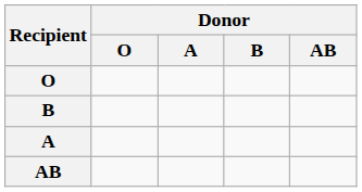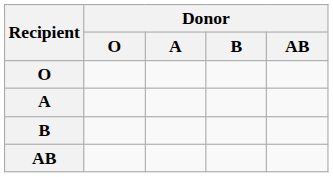 <table class="wikitable" style="text-align:center;">
 <tr>
 <th rowspan=2>Recipient</th>
 <th colspan="4">Donor</th>
 </tr>
 <tr>
 <th style="width:3em">O</th>
 <th style="width:3em">A</th>
 <th style="width:3em">B</th>
 <th style="width:3em">AB</th>
 </tr>
 <tr>
 <th>O</th>
 <td></td>
 <td></td>
 <td></td>
 <td></td>
 </tr>
 <tr>
-<th>B</th>
+<th>A</th>
 <td></td>
 <td></td>
 <td></td>
 <td></td>
 </tr>
 <tr>
-<th>A</th>
+<th>B</th>
 <td></td>
 <td></td>
 <td></td>
 <td></td>
 </tr>
 <tr>
 <th>AB</th>
 <td></td>
 <td></td>
 <td></td>
 <td></td>
 </tr>
 </table>
